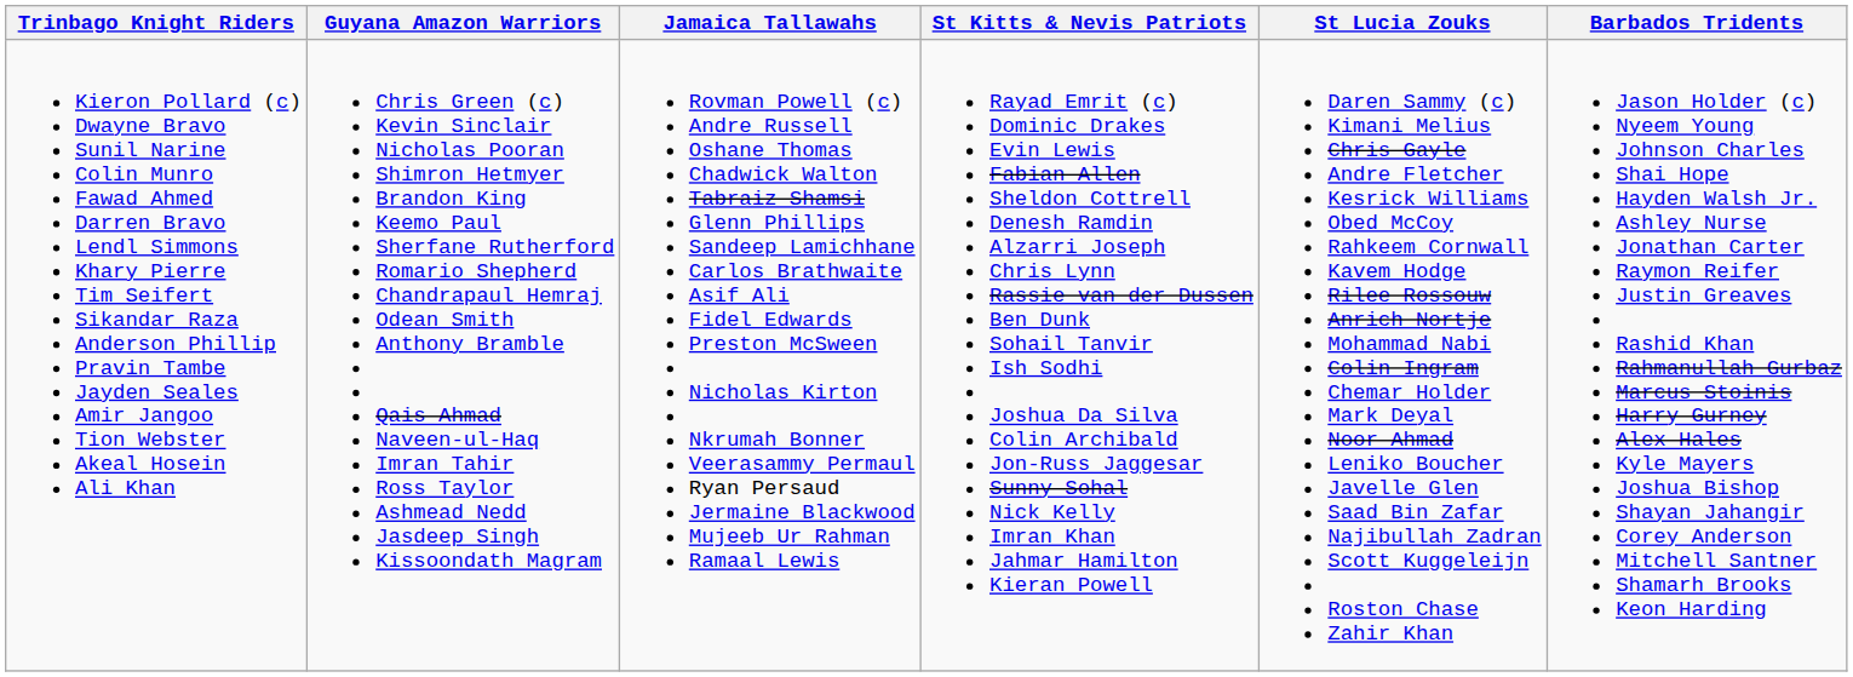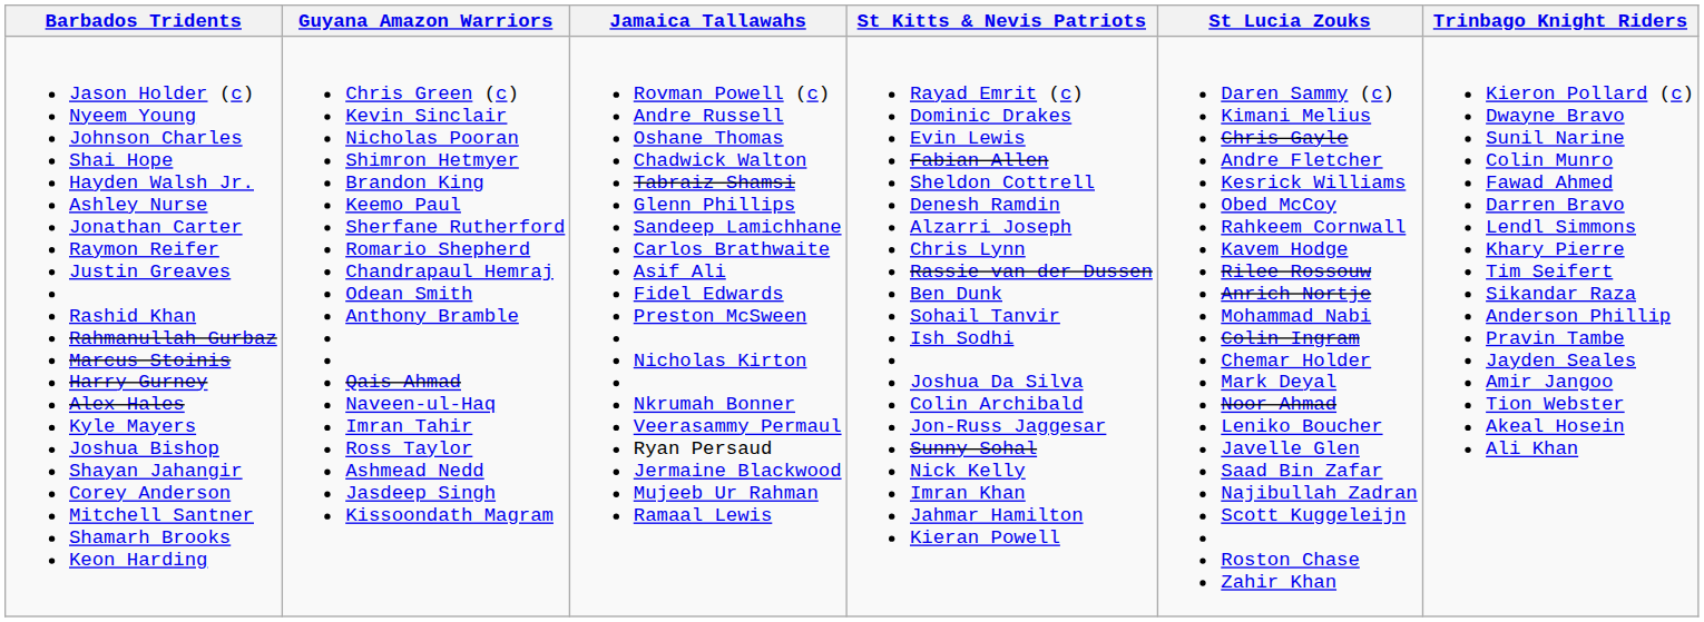 <table class="wikitable">
 <tr>
-<th><a href='#'>Trinbago Knight Riders</a></th>
+<th><a href='#'>Barbados Tridents</a></th>
 <th><a href='#'>Guyana Amazon Warriors</a></th>
 <th><a href='#'>Jamaica Tallawahs</a></th>
 <th><a href='#'>St Kitts & Nevis Patriots</a></th>
 <th><a href='#'>St Lucia Zouks</a></th>
-<th><a href='#'>Barbados Tridents</a></th>
+<th><a href='#'>Trinbago Knight Riders</a></th>
 </tr>
 <tr style="vertical-align:top">
-<td><br><ul><li><a href='#'>Kieron Pollard</a> (<a href='#'>c</a>)</li><li><a href='#'>Dwayne Bravo</a></li><li><a href='#'>Sunil Narine</a></li><li><a href='#'>Colin Munro</a></li><li><a href='#'>Fawad Ahmed</a></li><li><a href='#'>Darren Bravo</a></li><li><a href='#'>Lendl Simmons</a></li><li><a href='#'>Khary Pierre</a></li><li><a href='#'>Tim Seifert</a></li><li><a href='#'>Sikandar Raza</a></li><li><a href='#'>Anderson Phillip</a></li><li><a href='#'>Pravin Tambe</a></li><li><a href='#'>Jayden Seales</a></li><li><a href='#'>Amir Jangoo</a></li><li><a href='#'>Tion Webster</a></li><li><a href='#'>Akeal Hosein</a></li><li><a href='#'>Ali Khan</a></li></ul></td>
+<td><br><ul><li><a href='#'>Jason Holder</a> (<a href='#'>c</a>)</li><li><a href='#'>Nyeem Young</a></li><li><a href='#'>Johnson Charles</a></li><li><a href='#'>Shai Hope</a></li><li><a href='#'>Hayden Walsh Jr.</a></li><li><a href='#'>Ashley Nurse</a></li><li><a href='#'>Jonathan Carter</a></li><li><a href='#'>Raymon Reifer</a></li><li><a href='#'>Justin Greaves</a></li><li></li><li><a href='#'>Rashid Khan</a></li><li><s><a href='#'>Rahmanullah Gurbaz</a></s></li><li><s><a href='#'>Marcus Stoinis</a></s></li><li><s><a href='#'>Harry Gurney</a></s></li><li><s><a href='#'>Alex Hales</a></s></li><li><a href='#'>Kyle Mayers</a></li><li><a href='#'>Joshua Bishop</a></li><li><a href='#'>Shayan Jahangir</a></li><li><a href='#'>Corey Anderson</a></li><li><a href='#'>Mitchell Santner</a></li><li><a href='#'>Shamarh Brooks</a></li><li><a href='#'>Keon Harding</a></li></ul></td>
 <td><br><ul><li><a href='#'>Chris Green</a> (<a href='#'>c</a>)</li><li><a href='#'>Kevin Sinclair</a></li><li><a href='#'>Nicholas Pooran</a></li><li><a href='#'>Shimron Hetmyer</a></li><li><a href='#'>Brandon King</a></li><li><a href='#'>Keemo Paul</a></li><li><a href='#'>Sherfane Rutherford</a></li><li><a href='#'>Romario Shepherd</a></li><li><a href='#'>Chandrapaul Hemraj</a></li><li><a href='#'>Odean Smith</a></li><li><a href='#'>Anthony Bramble</a></li><li></li><li></li><li><s><a href='#'>Qais Ahmad</a></s></li><li><a href='#'>Naveen-ul-Haq</a></li><li><a href='#'>Imran Tahir</a></li><li><a href='#'>Ross Taylor</a></li><li><a href='#'>Ashmead Nedd</a></li><li><a href='#'>Jasdeep Singh</a></li><li><a href='#'>Kissoondath Magram</a></li></ul></td>
 <td><br><ul><li><a href='#'>Rovman Powell</a> (<a href='#'>c</a>)</li><li><a href='#'>Andre Russell</a></li><li><a href='#'>Oshane Thomas</a></li><li><a href='#'>Chadwick Walton</a></li><li><s><a href='#'>Tabraiz Shamsi</a></s></li><li><a href='#'>Glenn Phillips</a></li><li><a href='#'>Sandeep Lamichhane</a></li><li><a href='#'>Carlos Brathwaite</a></li><li><a href='#'>Asif Ali</a></li><li><a href='#'>Fidel Edwards</a></li><li><a href='#'>Preston McSween</a></li><li></li><li><a href='#'>Nicholas Kirton</a></li><li></li><li><a href='#'>Nkrumah Bonner</a></li><li><a href='#'>Veerasammy Permaul</a></li><li>Ryan Persaud</li><li><a href='#'>Jermaine Blackwood</a></li><li><a href='#'>Mujeeb Ur Rahman</a></li><li><a href='#'>Ramaal Lewis</a></li></ul></td>
 <td><br><ul><li><a href='#'>Rayad Emrit</a> (<a href='#'>c</a>)</li><li><a href='#'>Dominic Drakes</a></li><li><a href='#'>Evin Lewis</a></li><li><s><a href='#'>Fabian Allen</a></s></li><li><a href='#'>Sheldon Cottrell</a></li><li><a href='#'>Denesh Ramdin</a></li><li><a href='#'>Alzarri Joseph</a></li><li><a href='#'>Chris Lynn</a></li><li><s><a href='#'>Rassie van der Dussen</a></s></li><li><a href='#'>Ben Dunk</a></li><li><a href='#'>Sohail Tanvir</a></li><li><a href='#'>Ish Sodhi</a></li><li></li><li><a href='#'>Joshua Da Silva</a></li><li><a href='#'>Colin Archibald</a></li><li><a href='#'>Jon-Russ Jaggesar</a></li><li><s><a href='#'>Sunny Sohal</a></s></li><li><a href='#'>Nick Kelly</a></li><li><a href='#'>Imran Khan</a></li><li><a href='#'>Jahmar Hamilton</a></li><li><a href='#'>Kieran Powell</a></li></ul></td>
 <td><br><ul><li><a href='#'>Daren Sammy</a> (<a href='#'>c</a>)</li><li><a href='#'>Kimani Melius</a></li><li><s><a href='#'>Chris Gayle</a></s></li><li><a href='#'>Andre Fletcher</a></li><li><a href='#'>Kesrick Williams</a></li><li><a href='#'>Obed McCoy</a></li><li><a href='#'>Rahkeem Cornwall</a></li><li><a href='#'>Kavem Hodge</a></li><li><s><a href='#'>Rilee Rossouw</a></s></li><li><s><a href='#'>Anrich Nortje</a></s></li><li><a href='#'>Mohammad Nabi</a></li><li><s><a href='#'>Colin Ingram</a></s></li><li><a href='#'>Chemar Holder</a></li><li><a href='#'>Mark Deyal</a></li><li><s><a href='#'>Noor Ahmad</a></s></li><li><a href='#'>Leniko Boucher</a></li><li><a href='#'>Javelle Glen</a></li><li><a href='#'>Saad Bin Zafar</a></li><li><a href='#'>Najibullah Zadran</a></li><li><a href='#'>Scott Kuggeleijn</a></li><li></li><li><a href='#'>Roston Chase</a></li><li><a href='#'>Zahir Khan</a></li></ul></td>
-<td><br><ul><li><a href='#'>Jason Holder</a> (<a href='#'>c</a>)</li><li><a href='#'>Nyeem Young</a></li><li><a href='#'>Johnson Charles</a></li><li><a href='#'>Shai Hope</a></li><li><a href='#'>Hayden Walsh Jr.</a></li><li><a href='#'>Ashley Nurse</a></li><li><a href='#'>Jonathan Carter</a></li><li><a href='#'>Raymon Reifer</a></li><li><a href='#'>Justin Greaves</a></li><li></li><li><a href='#'>Rashid Khan</a></li><li><s><a href='#'>Rahmanullah Gurbaz</a></s></li><li><s><a href='#'>Marcus Stoinis</a></s></li><li><s><a href='#'>Harry Gurney</a></s></li><li><s><a href='#'>Alex Hales</a></s></li><li><a href='#'>Kyle Mayers</a></li><li><a href='#'>Joshua Bishop</a></li><li><a href='#'>Shayan Jahangir</a></li><li><a href='#'>Corey Anderson</a></li><li><a href='#'>Mitchell Santner</a></li><li><a href='#'>Shamarh Brooks</a></li><li><a href='#'>Keon Harding</a></li></ul></td>
+<td><br><ul><li><a href='#'>Kieron Pollard</a> (<a href='#'>c</a>)</li><li><a href='#'>Dwayne Bravo</a></li><li><a href='#'>Sunil Narine</a></li><li><a href='#'>Colin Munro</a></li><li><a href='#'>Fawad Ahmed</a></li><li><a href='#'>Darren Bravo</a></li><li><a href='#'>Lendl Simmons</a></li><li><a href='#'>Khary Pierre</a></li><li><a href='#'>Tim Seifert</a></li><li><a href='#'>Sikandar Raza</a></li><li><a href='#'>Anderson Phillip</a></li><li><a href='#'>Pravin Tambe</a></li><li><a href='#'>Jayden Seales</a></li><li><a href='#'>Amir Jangoo</a></li><li><a href='#'>Tion Webster</a></li><li><a href='#'>Akeal Hosein</a></li><li><a href='#'>Ali Khan</a></li></ul></td>
 </tr>
 </table>
